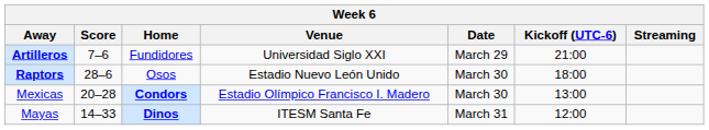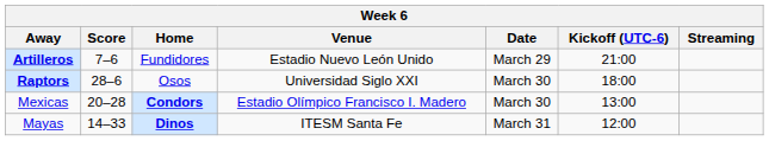 <table class="wikitable mw-collapsible mw-collapsed" style="width:100%;">
 <tr>
 <th colspan="8">Week 6</th>
 </tr>
 <tr>
 <th>Away</th>
 <th>Score</th>
 <th>Home</th>
 <th>Venue</th>
 <th>Date</th>
 <th>Kickoff (<a href='#'>UTC-6</a>)</th>
 <th>Streaming</th>
 </tr>
 <tr align="center">
 <td bgcolor="#D0E7FF"><strong><a href='#'>Artilleros</a></strong></td>
 <td>7–6</td>
 <td><a href='#'>Fundidores</a></td>
-<td>Universidad Siglo XXI</td>
+<td>Estadio Nuevo León Unido</td>
 <td>March 29</td>
 <td>21:00</td>
 <td>  </td>
 </tr>
 <tr align="center">
 <td bgcolor="#D0E7FF"><strong><a href='#'>Raptors</a></strong></td>
 <td>28–6</td>
 <td><a href='#'>Osos</a></td>
-<td>Estadio Nuevo León Unido</td>
+<td>Universidad Siglo XXI</td>
 <td>March 30</td>
 <td>18:00</td>
 <td>  </td>
 </tr>
 <tr align="center">
 <td><a href='#'>Mexicas</a></td>
 <td>20–28</td>
 <td bgcolor="#D0E7FF"><strong><a href='#'>Condors</a></strong></td>
 <td><a href='#'>Estadio Olímpico Francisco I. Madero</a></td>
 <td>March 30</td>
 <td>13:00</td>
 <td>  </td>
 </tr>
 <tr align="center">
 <td><a href='#'>Mayas</a></td>
 <td>14–33</td>
 <td bgcolor="#D0E7FF"><strong><a href='#'>Dinos</a></strong></td>
 <td>ITESM Santa Fe</td>
 <td>March 31</td>
 <td>12:00</td>
 <td></td>
 </tr>
 </table>
